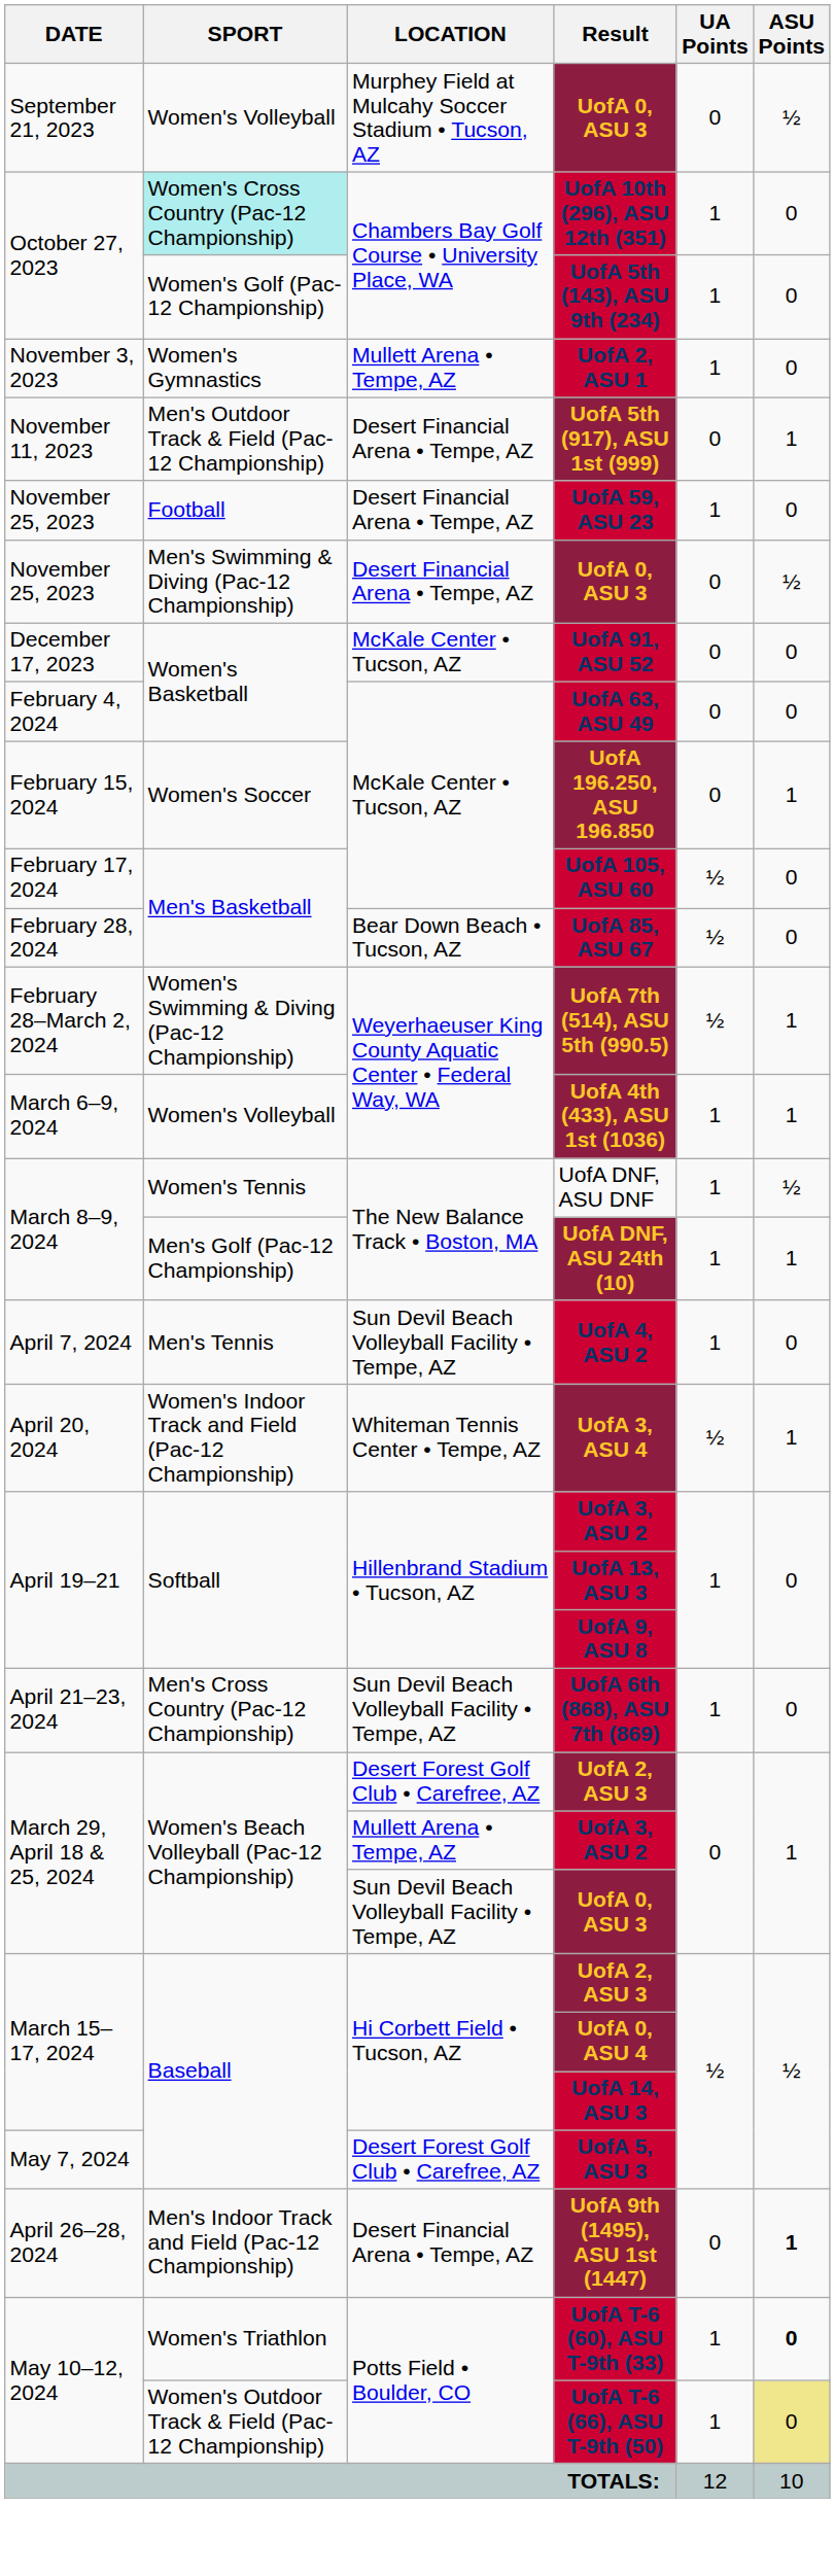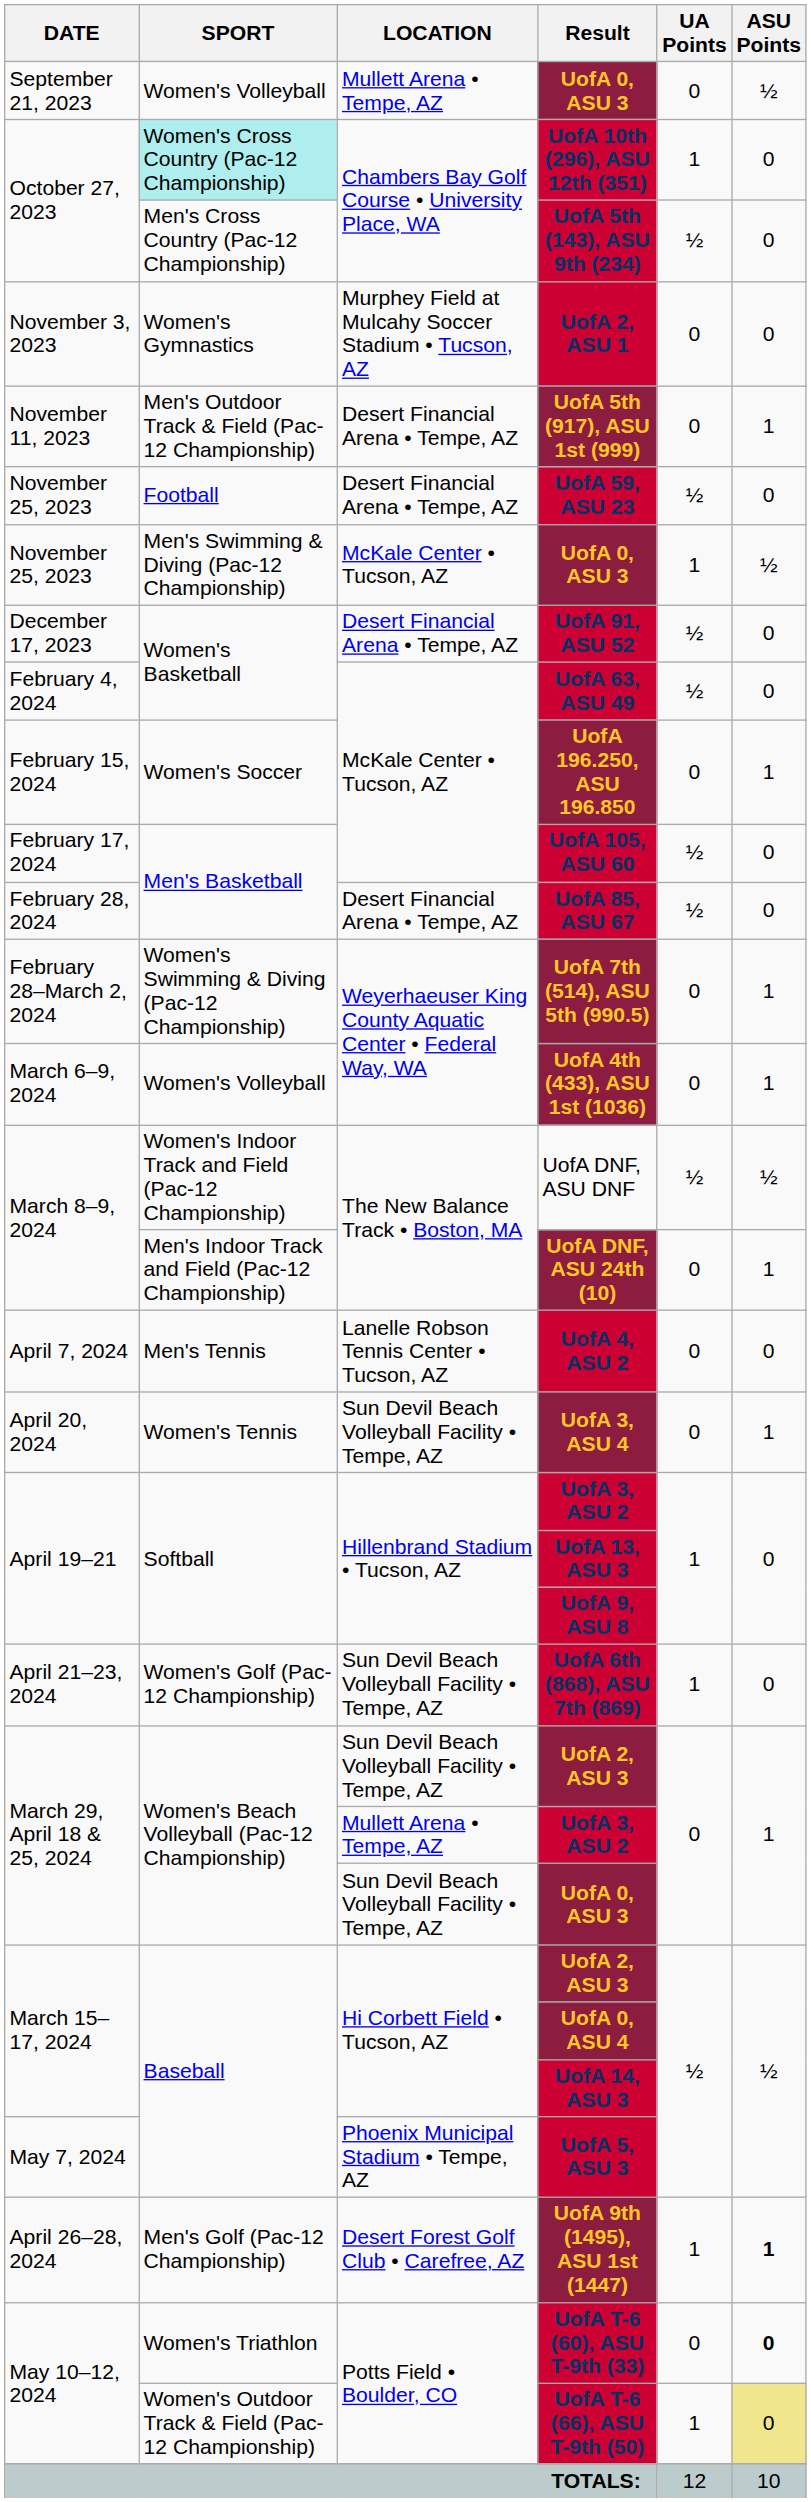 <table class=wikitable>
 <tr>
 <th>DATE</th>
 <th>SPORT</th>
 <th>LOCATION</th>
 <th>Result</th>
 <th>UA<br>Points</th>
 <th>ASU<br>Points</th>
 </tr>
 <tr>
 <td>September 21, 2023</td>
 <td>Women's Volleyball</td>
-<td>Murphey Field at Mulcahy Soccer Stadium • <a href='#'>Tucson, AZ</a></td>
+<td><a href='#'>Mullett Arena</a> • <a href='#'>Tempe, AZ</a></td>
 <th style="background:#8C1D40; color:#FFC627;">UofA 0, ASU 3</th>
 <td align="center">0</td>
 <td align="center">½</td>
 </tr>
 <tr>
 <td rowspan=2>October 27, 2023</td>
 <td style="background: paleturquoise;">Women's Cross Country (Pac-12 Championship)</td>
 <td rowspan=2><a href='#'>Chambers Bay Golf Course</a> • <a href='#'>University Place, WA</a></td>
 <th style="background:#CC0033; color:#003366;">UofA 10th (296), ASU 12th (351)</th>
 <td align="center">1</td>
 <td align="center">0</td>
 </tr>
 <tr>
-<td>Women's Golf (Pac-12 Championship)</td>
+<td>Men's Cross Country (Pac-12 Championship)</td>
 <th style="background:#CC0033; color:#003366;">UofA 5th (143), ASU 9th (234)</th>
-<td align="center">1</td>
+<td align="center">½</td>
 <td align="center">0</td>
 </tr>
 <tr>
 <td>November 3, 2023</td>
 <td>Women's Gymnastics</td>
-<td><a href='#'>Mullett Arena</a> • <a href='#'>Tempe, AZ</a></td>
+<td>Murphey Field at Mulcahy Soccer Stadium • <a href='#'>Tucson, AZ</a></td>
 <th style="background:#CC0033; color:#003366;">UofA 2, ASU 1</th>
-<td align="center">1</td>
+<td align="center">0</td>
 <td align="center">0</td>
 </tr>
 <tr>
 <td>November 11, 2023</td>
 <td>Men's Outdoor Track & Field (Pac-12 Championship)</td>
 <td>Desert Financial Arena • Tempe, AZ</td>
 <th style="background:#8C1D40; color:#FFC627;">UofA 5th (917), ASU 1st (999)</th>
 <td align="center">0</td>
 <td align="center">1</td>
 </tr>
 <tr>
 <td>November 25, 2023</td>
 <td><a href='#'>Football</a></td>
 <td>Desert Financial Arena • Tempe, AZ</td>
 <th style="background:#CC0033; color:#003366;">UofA 59, ASU 23</th>
-<td align="center">1</td>
+<td align="center">½</td>
 <td align="center">0</td>
 </tr>
 <tr>
 <td>November 25, 2023</td>
 <td>Men's Swimming & Diving (Pac-12 Championship)</td>
-<td><a href='#'>Desert Financial Arena</a> • Tempe, AZ</td>
+<td><a href='#'>McKale Center</a> • Tucson, AZ</td>
 <th style="background:#8C1D40; color:#FFC627;">UofA 0, ASU 3</th>
-<td align="center">0</td>
+<td align="center">1</td>
 <td align="center">½</td>
 </tr>
 <tr>
 <td>December 17, 2023</td>
 <td rowspan=2>Women's Basketball</td>
-<td><a href='#'>McKale Center</a> • Tucson, AZ</td>
+<td><a href='#'>Desert Financial Arena</a> • Tempe, AZ</td>
 <th style="background:#CC0033; color:#003366;">UofA 91, ASU 52</th>
-<td align="center">0</td>
+<td align="center">½</td>
 <td align="center">0</td>
 </tr>
 <tr>
 <td>February 4, 2024</td>
 <td rowspan="3">McKale Center • Tucson, AZ</td>
 <th style="background:#CC0033; color:#003366;">UofA 63, ASU 49</th>
-<td align="center">0</td>
+<td align="center">½</td>
 <td align="center">0</td>
 </tr>
 <tr>
 <td>February 15, 2024</td>
 <td>Women's Soccer</td>
 <th style="background:#8C1D40; color:#FFC627;">UofA 196.250, ASU 196.850</th>
 <td align="center">0</td>
 <td align="center">1</td>
 </tr>
 <tr>
 <td>February 17, 2024</td>
 <td rowspan=2><a href='#'>Men's Basketball</a></td>
 <th style="background:#CC0033; color:#003366;">UofA 105, ASU 60</th>
 <td align="center">½</td>
 <td align="center">0</td>
 </tr>
 <tr>
 <td>February 28, 2024</td>
-<td>Bear Down Beach • Tucson, AZ</td>
+<td>Desert Financial Arena • Tempe, AZ</td>
 <th style="background:#CC0033; color:#003366;">UofA 85, ASU 67</th>
 <td align="center">½</td>
 <td align="center">0</td>
 </tr>
 <tr>
 <td>February 28–March 2, 2024</td>
 <td>Women's Swimming & Diving (Pac-12 Championship)</td>
 <td rowspan="2"><a href='#'>Weyerhaeuser King County Aquatic Center</a> • <a href='#'>Federal Way, WA</a></td>
 <th style="background:#8C1D40; color:#FFC627;">UofA 7th (514), ASU 5th (990.5)</th>
-<td align="center">½</td>
+<td align="center">0</td>
 <td align="center">1</td>
 </tr>
 <tr>
 <td>March 6–9, 2024</td>
 <td>Women's Volleyball</td>
 <th style="background:#8C1D40; color:#FFC627;">UofA 4th (433), ASU 1st (1036)</th>
-<td align="center">1</td>
+<td align="center">0</td>
 <td align="center">1</td>
 </tr>
 <tr>
 <td rowspan="2">March 8–9, 2024</td>
-<td>Women's Tennis</td>
+<td>Women's Indoor Track and Field (Pac-12 Championship)</td>
 <td rowspan="2">The New Balance Track • <a href='#'>Boston, MA</a></td>
 <td style=>UofA DNF, ASU DNF</td>
-<td align="center">1</td>
+<td align="center">½</td>
 <td align="center">½</td>
 </tr>
 <tr>
-<td>Men's Golf (Pac-12 Championship)</td>
+<td>Men's Indoor Track and Field (Pac-12 Championship)</td>
 <th style="background:#8C1D40; color:#FFC627;">UofA DNF, ASU 24th (10)</th>
-<td align="center">1</td>
+<td align="center">0</td>
 <td align="center">1</td>
 </tr>
 <tr>
 <td>April 7, 2024</td>
 <td>Men's Tennis</td>
-<td>Sun Devil Beach Volleyball Facility • Tempe, AZ</td>
+<td>Lanelle Robson Tennis Center • Tucson, AZ</td>
 <th style="background:#CC0033; color:#003366;">UofA 4, ASU 2</th>
-<td align="center">1</td>
+<td align="center">0</td>
 <td align="center">0</td>
 </tr>
 <tr>
 <td>April 20, 2024</td>
-<td>Women's Indoor Track and Field (Pac-12 Championship)</td>
-<td>Whiteman Tennis Center • Tempe, AZ</td>
+<td>Women's Tennis</td>
+<td>Sun Devil Beach Volleyball Facility • Tempe, AZ</td>
 <th style="background:#8C1D40; color:#FFC627;">UofA 3, ASU 4</th>
-<td align="center">½</td>
+<td align="center">0</td>
 <td align="center">1</td>
 </tr>
 <tr>
 <td rowspan="3">April 19–21</td>
 <td rowspan="3">Softball</td>
 <td rowspan="3"><a href='#'>Hillenbrand Stadium</a> • Tucson, AZ</td>
 <th style="background:#CC0033; color:#003366;">UofA 3, ASU 2</th>
 <td rowspan="3" align="center">1</td>
 <td rowspan="3" align="center">0</td>
 </tr>
 <tr>
 <th style="background:#CC0033; color:#003366;">UofA 13, ASU 3</th>
 </tr>
 <tr>
 <th style="background:#CC0033; color:#003366;">UofA 9, ASU 8</th>
 </tr>
 <tr>
 <td>April 21–23, 2024</td>
-<td>Men's Cross Country (Pac-12 Championship)</td>
+<td>Women's Golf (Pac-12 Championship)</td>
 <td>Sun Devil Beach Volleyball Facility • Tempe, AZ</td>
 <th style="background:#CC0033; color:#003366;">UofA 6th (868), ASU 7th (869)</th>
 <td align="center">1</td>
 <td align="center">0</td>
 </tr>
 <tr>
 <td rowspan="3">March 29, April 18 & 25, 2024</td>
 <td rowspan="3">Women's Beach Volleyball (Pac-12 Championship)</td>
-<td><a href='#'>Desert Forest Golf Club</a> • <a href='#'>Carefree, AZ</a></td>
+<td>Sun Devil Beach Volleyball Facility • Tempe, AZ</td>
 <th style="background:#8C1D40; color:#FFC627;">UofA 2, ASU 3</th>
 <td rowspan="3" align="center">0</td>
 <td rowspan="3" align="center">1</td>
 </tr>
 <tr>
 <td><a href='#'>Mullett Arena</a> • <a href='#'>Tempe, AZ</a></td>
 <th style="background:#CC0033; color:#003366;">UofA 3, ASU 2</th>
 </tr>
 <tr>
 <td>Sun Devil Beach Volleyball Facility • Tempe, AZ</td>
 <th style="background:#8C1D40; color:#FFC627;">UofA 0, ASU 3</th>
 </tr>
 <tr>
 <td rowspan="3">March 15–17, 2024</td>
 <td rowspan="4"><a href='#'>Baseball</a></td>
 <td rowspan="3"><a href='#'>Hi Corbett Field</a> • Tucson, AZ</td>
 <th style="background:#8C1D40; color:#FFC627;">UofA 2, ASU 3</th>
 <td rowspan="4" align="center">½</td>
 <td rowspan="4" align="center">½</td>
 </tr>
 <tr>
 <th style="background:#8C1D40; color:#FFC627;">UofA 0, ASU 4</th>
 </tr>
 <tr>
 <th style="background:#CC0033; color:#003366;">UofA 14, ASU 3</th>
 </tr>
 <tr>
 <td>May 7, 2024</td>
-<td><a href='#'>Desert Forest Golf Club</a> • <a href='#'>Carefree, AZ</a></td>
+<td><a href='#'>Phoenix Municipal Stadium</a> • Tempe, AZ</td>
 <th style="background:#CC0033; color:#003366;">UofA 5, ASU 3</th>
 </tr>
 <tr>
 <td>April 26–28, 2024</td>
-<td>Men's Indoor Track and Field (Pac-12 Championship)</td>
-<td>Desert Financial Arena • Tempe, AZ</td>
+<td>Men's Golf (Pac-12 Championship)</td>
+<td><a href='#'>Desert Forest Golf Club</a> • <a href='#'>Carefree, AZ</a></td>
 <th style="background:#8C1D40; color:#FFC627;">UofA 9th (1495), ASU 1st (1447)</th>
-<td align="center">0</td>
+<td align="center">1</td>
 <td align="center"><strong>1</strong></td>
 </tr>
 <tr>
 <td rowspan=2>May 10–12, 2024</td>
 <td>Women's Triathlon</td>
 <td rowspan=2>Potts Field • <a href='#'>Boulder, CO</a></td>
 <th style="background:#CC0033; color:#003366;">UofA T-6 (60), ASU T-9th (33)</th>
-<td align="center">1</td>
+<td align="center">0</td>
 <td align="center"><strong>0</strong></td>
 </tr>
 <tr>
 <td>Women's Outdoor Track & Field (Pac-12 Championship)</td>
 <th style="background:#CC0033; color:#003366;">UofA T-6 (66), ASU T-9th (50)</th>
 <td align="center">1</td>
 <td align="center" style="background: khaki;">0</td>
 </tr>
 <tr>
 </tr>
 <tr style="background:#bccccc;">
 <td colspan="4" style="text-align:right;"><strong>TOTALS:</strong>  </td>
 <td style="text-align:center;">12</td>
 <td style="text-align:center;">10</td>
 </tr>
 </table>
